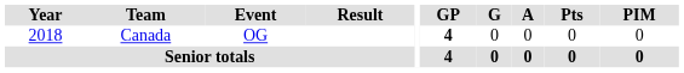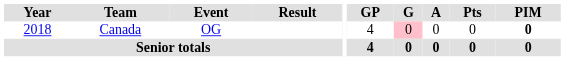 <table border="0" cellpadding="1" cellspacing="0" ID="Table3" style="text-align:center; width:40em">
 <tr ALIGN="center" bgcolor="#e0e0e0">
 <th>Year</th>
 <th>Team</th>
 <th>Event</th>
 <th>Result</th>
 <th rowspan="99" bgcolor="#ffffff"></th>
 <th>GP</th>
 <th>G</th>
 <th>A</th>
 <th>Pts</th>
 <th>PIM</th>
 </tr>
 <tr>
 <td><a href='#'>2018</a></td>
 <td><a href='#'>Canada</a></td>
 <td><a href='#'>OG</a></td>
 <td></td>
-<td><strong>4</strong></td>
+<td>4</td>
+<td style="background: pink;">0</td>
 <td>0</td>
 <td>0</td>
-<td>0</td>
-<td>0</td>
+<td><strong>0</strong></td>
 </tr>
 <tr bgcolor="#e0e0e0">
 <th colspan="4">Senior totals</th>
 <th>4</th>
 <th>0</th>
 <th>0</th>
 <th>0</th>
 <th>0</th>
 </tr>
 </table>
